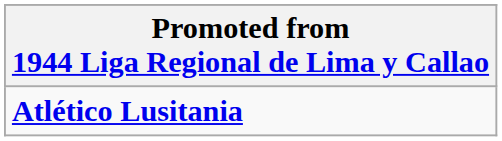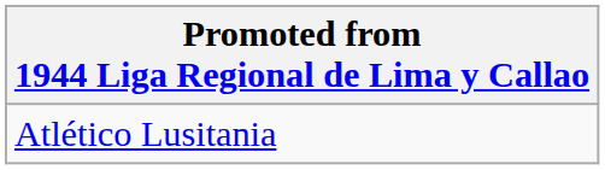 <table class="wikitable">
 <tr>
 <th>Promoted from<br><a href='#'>1944 Liga Regional de Lima y Callao</a></th>
 </tr>
 <tr>
-<td><strong> <a href='#'>Atlético Lusitania</a> </strong></td>
+<td> <a href='#'>Atlético Lusitania</a> </td>
 </tr>
 </table>
